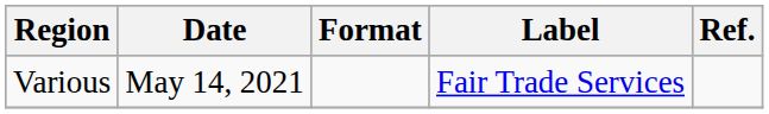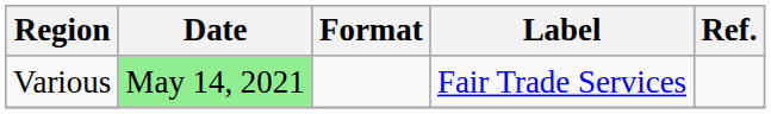 <table class="wikitable plainrowheaders">
 <tr>
 <th scope="col">Region</th>
 <th scope="col">Date</th>
 <th scope="col">Format</th>
 <th scope="col">Label</th>
 <th scope="col">Ref.</th>
 </tr>
 <tr>
 <td>Various</td>
-<td>May 14, 2021</td>
+<td style="background: lightgreen;">May 14, 2021</td>
 <td></td>
 <td><a href='#'>Fair Trade Services</a></td>
 <td></td>
 </tr>
 <tr>
 </tr>
 </table>
